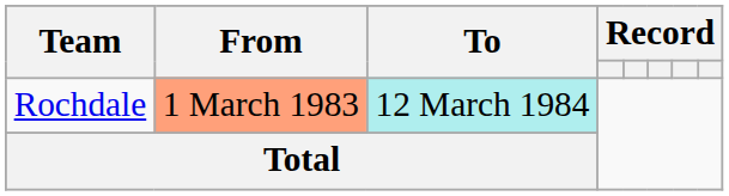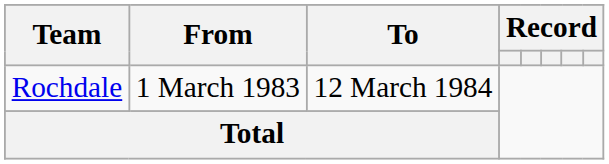 <table class=wikitable style="text-align: center">
 <tr>
 <th rowspan=2>Team</th>
 <th rowspan=2>From</th>
 <th rowspan=2>To</th>
 <th colspan=5>Record</th>
 </tr>
 <tr>
 <th></th>
 <th></th>
 <th></th>
 <th></th>
 <th></th>
 </tr>
 <tr>
 <td align=left><a href='#'>Rochdale</a></td>
-<td align=left style="background: lightsalmon;">1 March 1983</td>
-<td align=left style="background: paleturquoise;">12 March 1984<br></td>
+<td align=left>1 March 1983</td>
+<td align=left>12 March 1984<br></td>
 </tr>
 <tr>
 <th colspan=3>Total<br></th>
 </tr>
 </table>
